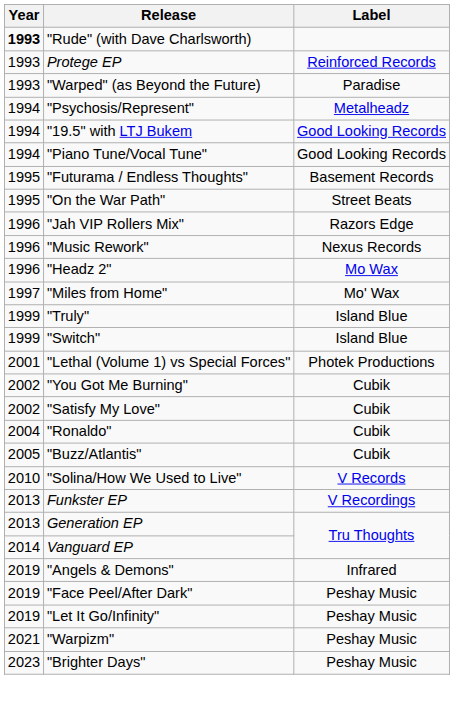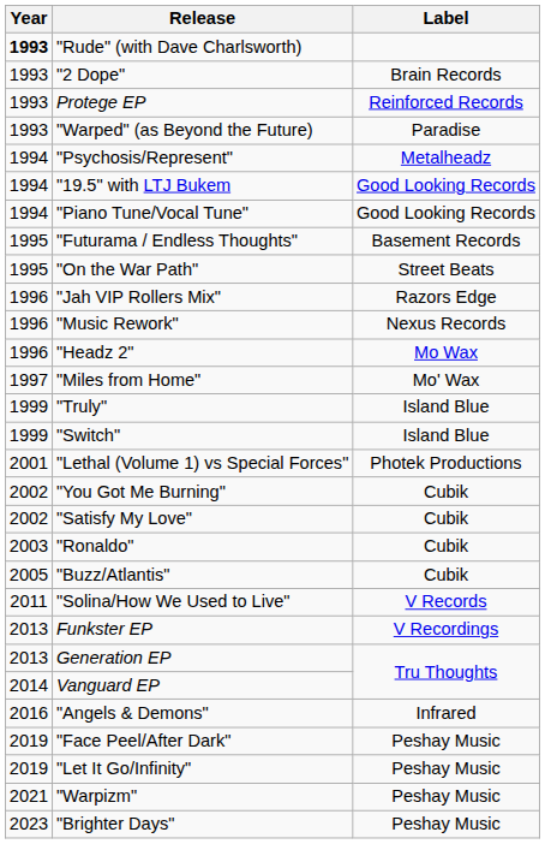 <table class=wikitable>
 <tr>
 <th>Year</th>
 <th>Release</th>
 <th>Label</th>
 </tr>
 <tr>
 <td style="text-align:center;"><strong>1993</strong></td>
 <td>"Rude" (with Dave Charlsworth)</td>
+</tr>
+<tr>
+<td style="text-align:center;">1993</td>
+<td>"2 Dope"</td>
+<td style="text-align:center;">Brain Records</td>
 </tr>
 <tr>
 <td style="text-align:center;">1993</td>
 <td><em>Protege EP</em></td>
 <td style="text-align:center;"><a href='#'>Reinforced Records</a></td>
 </tr>
 <tr>
 <td style="text-align:center;">1993</td>
 <td>"Warped" (as Beyond the Future)</td>
 <td style="text-align:center;">Paradise</td>
 </tr>
 <tr>
 <td style="text-align:center;">1994</td>
 <td>"Psychosis/Represent"</td>
 <td style="text-align:center;"><a href='#'>Metalheadz</a></td>
 </tr>
 <tr>
 <td style="text-align:center;">1994</td>
 <td>"19.5" with <a href='#'>LTJ Bukem</a></td>
 <td style="text-align:center;"><a href='#'>Good Looking Records</a></td>
 </tr>
 <tr>
 <td style="text-align:center;">1994</td>
 <td>"Piano Tune/Vocal Tune"</td>
 <td style="text-align:center;">Good Looking Records</td>
 </tr>
 <tr>
 <td style="text-align:center;">1995</td>
 <td>"Futurama / Endless Thoughts"</td>
 <td style="text-align:center;">Basement Records</td>
 </tr>
 <tr>
 <td style="text-align:center;">1995</td>
 <td>"On the War Path"</td>
 <td style="text-align:center;">Street Beats</td>
 </tr>
 <tr>
 <td style="text-align:center;">1996</td>
 <td>"Jah VIP Rollers Mix"</td>
 <td style="text-align:center;">Razors Edge</td>
 </tr>
 <tr>
 <td style="text-align:center;">1996</td>
 <td>"Music Rework"</td>
 <td style="text-align:center;">Nexus Records</td>
 </tr>
 <tr>
 <td style="text-align:center;">1996</td>
 <td>"Headz 2"</td>
 <td style="text-align:center;"><a href='#'>Mo Wax</a></td>
 </tr>
 <tr>
 <td style="text-align:center;">1997</td>
 <td>"Miles from Home"</td>
 <td style="text-align:center;">Mo' Wax</td>
 </tr>
 <tr>
 <td style="text-align:center;">1999</td>
 <td>"Truly"</td>
 <td style="text-align:center;">Island Blue</td>
 </tr>
 <tr>
 <td style="text-align:center;">1999</td>
 <td>"Switch"</td>
 <td style="text-align:center;">Island Blue</td>
 </tr>
 <tr>
 <td style="text-align:center;">2001</td>
 <td>"Lethal (Volume 1) vs Special Forces"</td>
 <td style="text-align:center;">Photek Productions</td>
 </tr>
 <tr>
 <td style="text-align:center;">2002</td>
 <td>"You Got Me Burning"</td>
 <td style="text-align:center;">Cubik</td>
 </tr>
 <tr>
 <td style="text-align:center;">2002</td>
 <td>"Satisfy My Love"</td>
 <td style="text-align:center;">Cubik</td>
 </tr>
 <tr>
-<td style="text-align:center;">2004</td>
+<td style="text-align:center;">2003</td>
 <td>"Ronaldo"</td>
 <td style="text-align:center;">Cubik</td>
 </tr>
 <tr>
 <td style="text-align:center;">2005</td>
 <td>"Buzz/Atlantis"</td>
 <td style="text-align:center;">Cubik</td>
 </tr>
 <tr>
-<td style="text-align:center;">2010</td>
+<td style="text-align:center;">2011</td>
 <td>"Solina/How We Used to Live"</td>
 <td style="text-align:center;"><a href='#'>V Records</a></td>
 </tr>
 <tr>
 <td style="text-align:center;">2013</td>
 <td><em>Funkster EP</em></td>
 <td style="text-align:center;"><a href='#'>V Recordings</a></td>
 </tr>
 <tr>
 <td style="text-align:center;">2013</td>
 <td><em>Generation EP</em></td>
 <td style="text-align:center;" rowspan="2"><a href='#'>Tru Thoughts</a></td>
 </tr>
 <tr>
 <td style="text-align:center;">2014</td>
 <td><em>Vanguard EP</em></td>
 </tr>
 <tr>
-<td style="text-align:center;">2019</td>
+<td style="text-align:center;">2016</td>
 <td>"Angels & Demons"</td>
 <td style="text-align:center;">Infrared</td>
 </tr>
 <tr>
 <td style="text-align:center;">2019</td>
 <td>"Face Peel/After Dark"</td>
 <td style="text-align:center;">Peshay Music</td>
 </tr>
 <tr>
 <td style="text-align:center;">2019</td>
 <td>"Let It Go/Infinity"</td>
 <td style="text-align:center;">Peshay Music</td>
 </tr>
 <tr>
 <td style="text-align:center;">2021</td>
 <td>"Warpizm"</td>
 <td style="text-align:center;">Peshay Music</td>
 </tr>
 <tr>
 <td style="text-align:center;">2023</td>
 <td>"Brighter Days"</td>
 <td style="text-align:center;">Peshay Music</td>
 </tr>
 </table>
